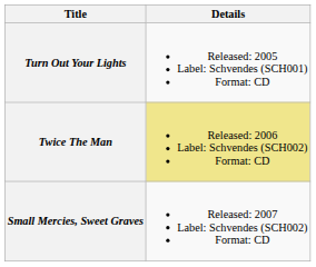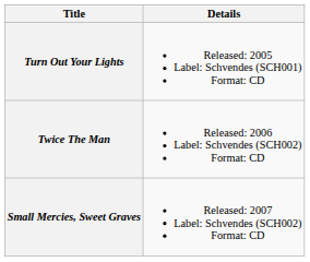 <table class="wikitable plainrowheaders" style="text-align:center;" border="1">
 <tr>
 <th>Title</th>
 <th>Details</th>
 </tr>
 <tr>
 <th scope="row"><em>Turn Out Your Lights</em></th>
 <td><br><ul><li>Released: 2005</li><li>Label: Schvendes (SCH001)</li><li>Format: CD</li></ul></td>
 </tr>
 <tr>
 <th scope="row"><em>Twice The Man</em></th>
-<td style="background: khaki;"><br><ul><li>Released: 2006</li><li>Label: Schvendes (SCH002)</li><li>Format: CD</li></ul></td>
+<td><br><ul><li>Released: 2006</li><li>Label: Schvendes (SCH002)</li><li>Format: CD</li></ul></td>
 </tr>
 <tr>
 <th scope="row"><em>Small Mercies, Sweet Graves</em></th>
 <td><br><ul><li>Released: 2007</li><li>Label: Schvendes (SCH002)</li><li>Format: CD</li></ul></td>
 </tr>
 </table>
